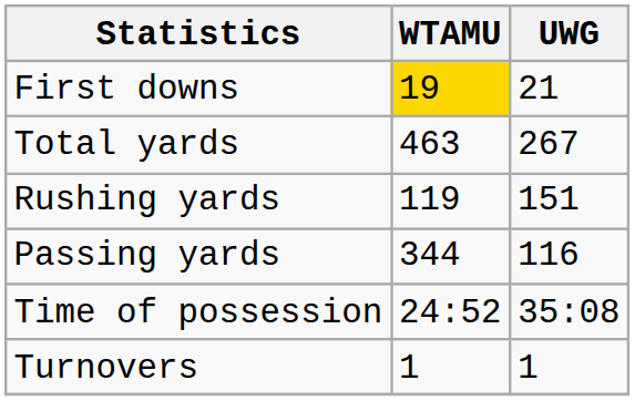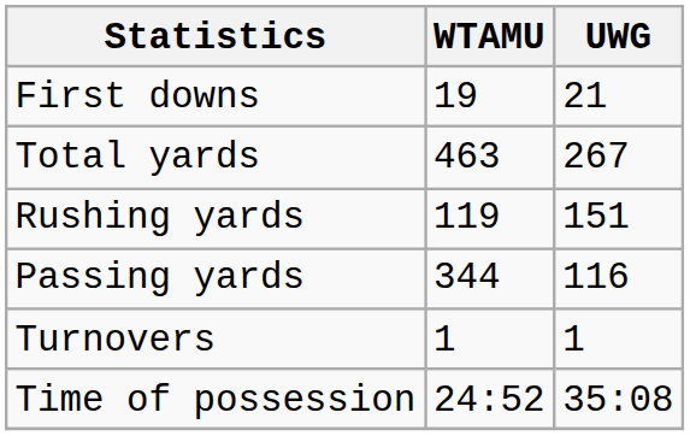 <table class="wikitable">
 <tr>
 <th>Statistics</th>
 <th>WTAMU</th>
 <th>UWG</th>
 </tr>
 <tr>
 <td>First downs</td>
-<td style="background: gold;">19</td>
+<td>19</td>
 <td>21</td>
 </tr>
 <tr>
 <td>Total yards</td>
 <td>463</td>
 <td>267</td>
 </tr>
 <tr>
 <td>Rushing yards</td>
 <td>119</td>
 <td>151</td>
 </tr>
 <tr>
 <td>Passing yards</td>
 <td>344</td>
 <td>116</td>
 </tr>
 <tr>
+<td>Turnovers</td>
+<td>1</td>
+<td>1</td>
+</tr>
+<tr>
 <td>Time of possession</td>
 <td>24:52</td>
 <td>35:08</td>
 </tr>
 <tr>
-<td>Turnovers</td>
-<td>1</td>
-<td>1</td>
-</tr>
-<tr>
 </tr>
 </table>
